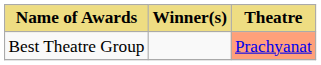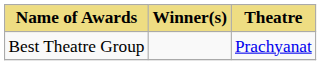 <table class="wikitable">
 <tr>
 <th style="background:#EEDD82;">Name of Awards</th>
 <th style="background:#EEDD82;">Winner(s)</th>
 <th style="background:#EEDD82;">Theatre</th>
 </tr>
 <tr>
 <td>Best Theatre Group</td>
 <td></td>
-<td style="background: lightsalmon;"><a href='#'>Prachyanat</a></td>
+<td><a href='#'>Prachyanat</a></td>
 </tr>
 <tr>
 </tr>
 </table>
